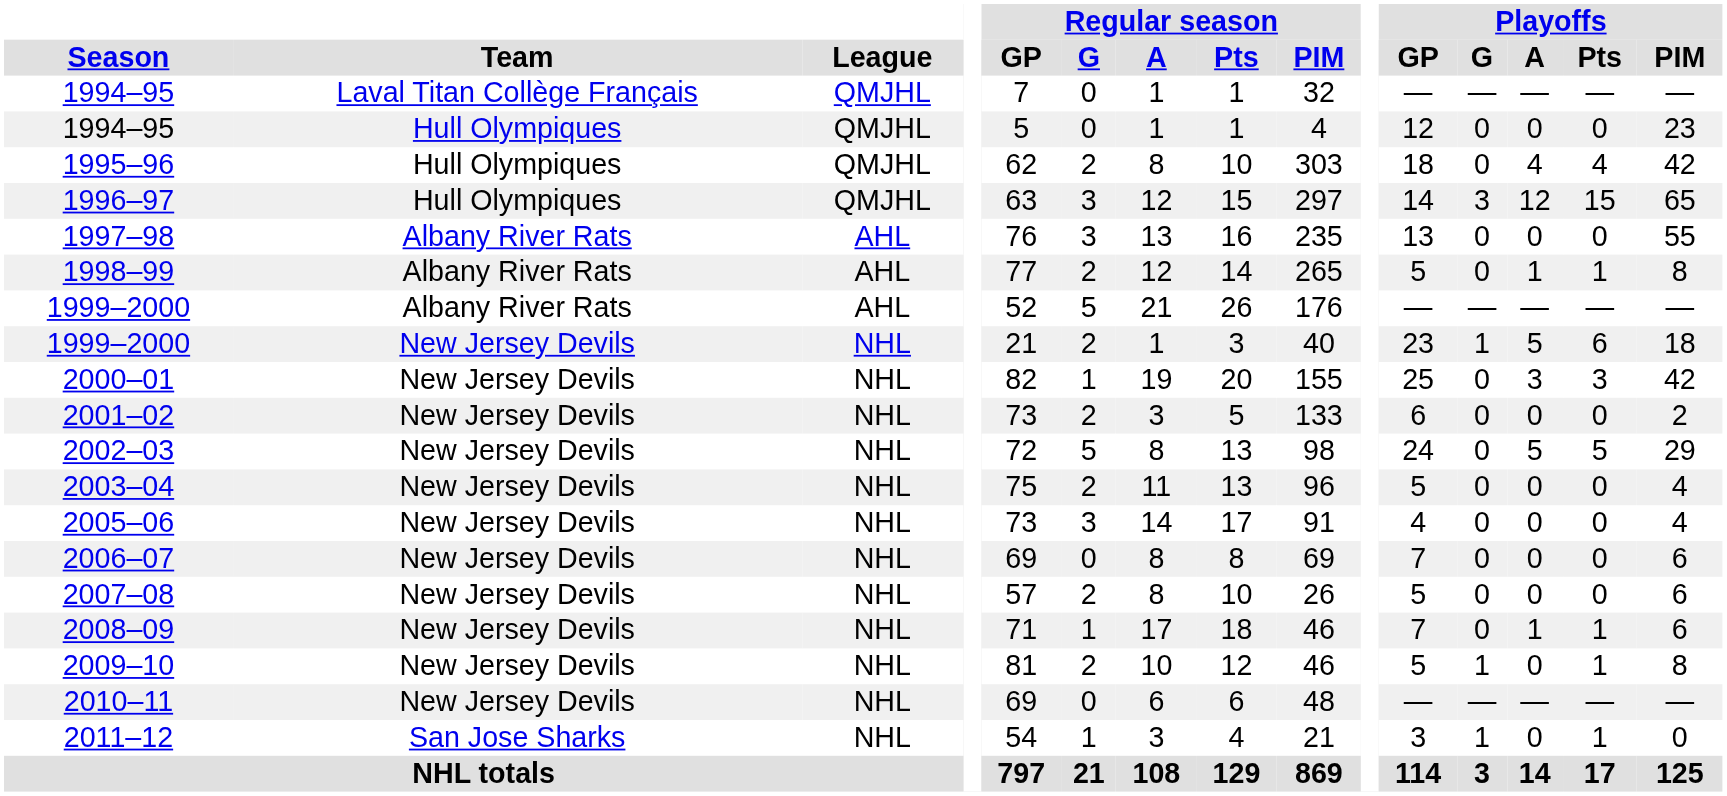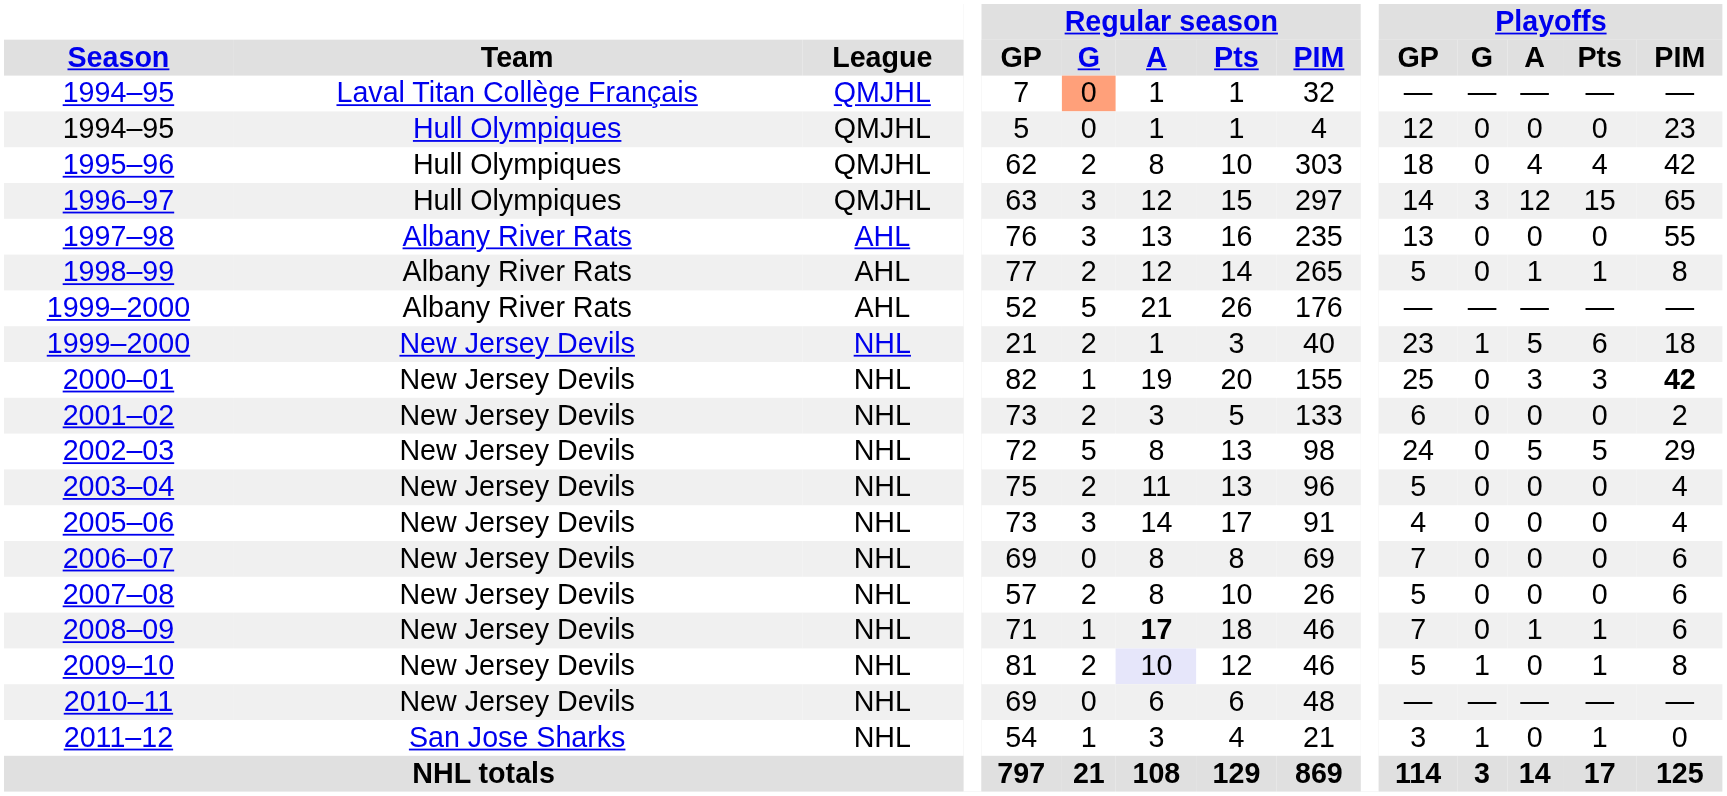 <table border="0" cellpadding="1" cellspacing="0" style="text-align:center; width:60em">
 <tr bgcolor="#e0e0e0">
 <th colspan="3" bgcolor="#ffffff"> </th>
 <th rowspan="99" bgcolor="#ffffff"> </th>
 <th colspan="5"><a href='#'>Regular season</a></th>
 <th rowspan="99" bgcolor="#ffffff"> </th>
 <th colspan="5"><a href='#'>Playoffs</a></th>
 </tr>
 <tr bgcolor="#e0e0e0">
 <th><a href='#'>Season</a></th>
 <th>Team</th>
 <th>League</th>
 <th>GP</th>
 <th><a href='#'>G</a></th>
 <th><a href='#'>A</a></th>
 <th><a href='#'>Pts</a></th>
 <th><a href='#'>PIM</a></th>
 <th>GP</th>
 <th>G</th>
 <th>A</th>
 <th>Pts</th>
 <th>PIM</th>
 </tr>
 <tr>
 <td><a href='#'>1994–95</a></td>
 <td><a href='#'>Laval Titan Collège Français</a></td>
 <td><a href='#'>QMJHL</a></td>
 <td>7</td>
-<td>0</td>
+<td style="background: lightsalmon;">0</td>
 <td>1</td>
 <td>1</td>
 <td>32</td>
 <td>—</td>
 <td>—</td>
 <td>—</td>
 <td>—</td>
 <td>—</td>
 </tr>
 <tr bgcolor="#f0f0f0">
 <td>1994–95</td>
 <td><a href='#'>Hull Olympiques</a></td>
 <td>QMJHL</td>
 <td>5</td>
 <td>0</td>
 <td>1</td>
 <td>1</td>
 <td>4</td>
 <td>12</td>
 <td>0</td>
 <td>0</td>
 <td>0</td>
 <td>23</td>
 </tr>
 <tr>
 <td><a href='#'>1995–96</a></td>
 <td>Hull Olympiques</td>
 <td>QMJHL</td>
 <td>62</td>
 <td>2</td>
 <td>8</td>
 <td>10</td>
 <td>303</td>
 <td>18</td>
 <td>0</td>
 <td>4</td>
 <td>4</td>
 <td>42</td>
 </tr>
 <tr bgcolor="#f0f0f0">
 <td><a href='#'>1996–97</a></td>
 <td>Hull Olympiques</td>
 <td>QMJHL</td>
 <td>63</td>
 <td>3</td>
 <td>12</td>
 <td>15</td>
 <td>297</td>
 <td>14</td>
 <td>3</td>
 <td>12</td>
 <td>15</td>
 <td>65</td>
 </tr>
 <tr>
 <td><a href='#'>1997–98</a></td>
 <td><a href='#'>Albany River Rats</a></td>
 <td><a href='#'>AHL</a></td>
 <td>76</td>
 <td>3</td>
 <td>13</td>
 <td>16</td>
 <td>235</td>
 <td>13</td>
 <td>0</td>
 <td>0</td>
 <td>0</td>
 <td>55</td>
 </tr>
 <tr bgcolor="#f0f0f0">
 <td><a href='#'>1998–99</a></td>
 <td>Albany River Rats</td>
 <td>AHL</td>
 <td>77</td>
 <td>2</td>
 <td>12</td>
 <td>14</td>
 <td>265</td>
 <td>5</td>
 <td>0</td>
 <td>1</td>
 <td>1</td>
 <td>8</td>
 </tr>
 <tr>
 <td><a href='#'>1999–2000</a></td>
 <td>Albany River Rats</td>
 <td>AHL</td>
 <td>52</td>
 <td>5</td>
 <td>21</td>
 <td>26</td>
 <td>176</td>
 <td>—</td>
 <td>—</td>
 <td>—</td>
 <td>—</td>
 <td>—</td>
 </tr>
 <tr bgcolor="#f0f0f0">
 <td><a href='#'>1999–2000</a></td>
 <td><a href='#'>New Jersey Devils</a></td>
 <td><a href='#'>NHL</a></td>
 <td>21</td>
 <td>2</td>
 <td>1</td>
 <td>3</td>
 <td>40</td>
 <td>23</td>
 <td>1</td>
 <td>5</td>
 <td>6</td>
 <td>18</td>
 </tr>
 <tr>
 <td><a href='#'>2000–01</a></td>
 <td>New Jersey Devils</td>
 <td>NHL</td>
 <td>82</td>
 <td>1</td>
 <td>19</td>
 <td>20</td>
 <td>155</td>
 <td>25</td>
 <td>0</td>
 <td>3</td>
 <td>3</td>
-<td>42</td>
+<td><strong>42</strong></td>
 </tr>
 <tr bgcolor="#f0f0f0">
 <td><a href='#'>2001–02</a></td>
 <td>New Jersey Devils</td>
 <td>NHL</td>
 <td>73</td>
 <td>2</td>
 <td>3</td>
 <td>5</td>
 <td>133</td>
 <td>6</td>
 <td>0</td>
 <td>0</td>
 <td>0</td>
 <td>2</td>
 </tr>
 <tr>
 <td><a href='#'>2002–03</a></td>
 <td>New Jersey Devils</td>
 <td>NHL</td>
 <td>72</td>
 <td>5</td>
 <td>8</td>
 <td>13</td>
 <td>98</td>
 <td>24</td>
 <td>0</td>
 <td>5</td>
 <td>5</td>
 <td>29</td>
 </tr>
 <tr bgcolor="#f0f0f0">
 <td><a href='#'>2003–04</a></td>
 <td>New Jersey Devils</td>
 <td>NHL</td>
 <td>75</td>
 <td>2</td>
 <td>11</td>
 <td>13</td>
 <td>96</td>
 <td>5</td>
 <td>0</td>
 <td>0</td>
 <td>0</td>
 <td>4</td>
 </tr>
 <tr>
 <td><a href='#'>2005–06</a></td>
 <td>New Jersey Devils</td>
 <td>NHL</td>
 <td>73</td>
 <td>3</td>
 <td>14</td>
 <td>17</td>
 <td>91</td>
 <td>4</td>
 <td>0</td>
 <td>0</td>
 <td>0</td>
 <td>4</td>
 </tr>
 <tr bgcolor="f0f0f0">
 <td><a href='#'>2006–07</a></td>
 <td>New Jersey Devils</td>
 <td>NHL</td>
 <td>69</td>
 <td>0</td>
 <td>8</td>
 <td>8</td>
 <td>69</td>
 <td>7</td>
 <td>0</td>
 <td>0</td>
 <td>0</td>
 <td>6</td>
 </tr>
 <tr>
 <td><a href='#'>2007–08</a></td>
 <td>New Jersey Devils</td>
 <td>NHL</td>
 <td>57</td>
 <td>2</td>
 <td>8</td>
 <td>10</td>
 <td>26</td>
 <td>5</td>
 <td>0</td>
 <td>0</td>
 <td>0</td>
 <td>6</td>
 </tr>
 <tr bgcolor="f0f0f0">
 <td><a href='#'>2008–09</a></td>
 <td>New Jersey Devils</td>
 <td>NHL</td>
 <td>71</td>
 <td>1</td>
-<td>17</td>
+<td><strong>17</strong></td>
 <td>18</td>
 <td>46</td>
 <td>7</td>
 <td>0</td>
 <td>1</td>
 <td>1</td>
 <td>6</td>
 </tr>
 <tr>
 <td><a href='#'>2009–10</a></td>
 <td>New Jersey Devils</td>
 <td>NHL</td>
 <td>81</td>
 <td>2</td>
-<td>10</td>
+<td style="background: lavender;">10</td>
 <td>12</td>
 <td>46</td>
 <td>5</td>
 <td>1</td>
 <td>0</td>
 <td>1</td>
 <td>8</td>
 </tr>
 <tr bgcolor="f0f0f0">
 <td><a href='#'>2010–11</a></td>
 <td>New Jersey Devils</td>
 <td>NHL</td>
 <td>69</td>
 <td>0</td>
 <td>6</td>
 <td>6</td>
 <td>48</td>
 <td>—</td>
 <td>—</td>
 <td>—</td>
 <td>—</td>
 <td>—</td>
 </tr>
 <tr>
 <td><a href='#'>2011–12</a></td>
 <td><a href='#'>San Jose Sharks</a></td>
 <td>NHL</td>
 <td>54</td>
 <td>1</td>
 <td>3</td>
 <td>4</td>
 <td>21</td>
 <td>3</td>
 <td>1</td>
 <td>0</td>
 <td>1</td>
 <td>0</td>
 </tr>
 <tr bgcolor="#e0e0e0">
 <th colspan="3">NHL totals</th>
 <th>797</th>
 <th>21</th>
 <th>108</th>
 <th>129</th>
 <th>869</th>
 <th>114</th>
 <th>3</th>
 <th>14</th>
 <th>17</th>
 <th>125</th>
 </tr>
 </table>
